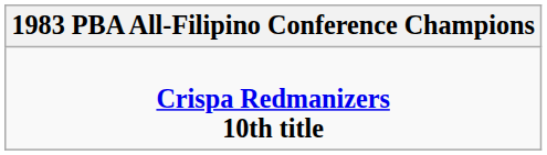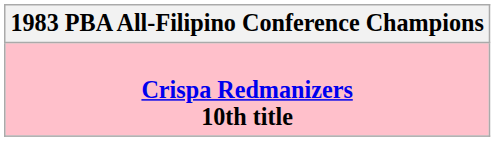 <table class=wikitable style="text-align:center; margin:auto">
 <tr>
 <th>1983 PBA All-Filipino Conference Champions</th>
 </tr>
 <tr>
-<td><br> <strong><a href='#'>Crispa Redmanizers</a></strong> <br> <strong>10th title</strong></td>
+<td style="background: pink;"><br> <strong><a href='#'>Crispa Redmanizers</a></strong> <br> <strong>10th title</strong></td>
 </tr>
 </table>
